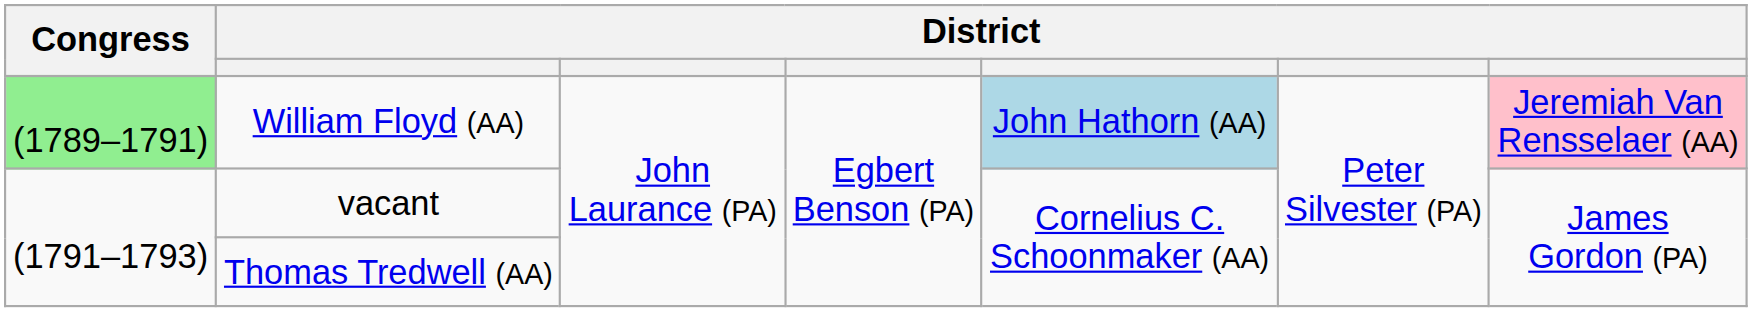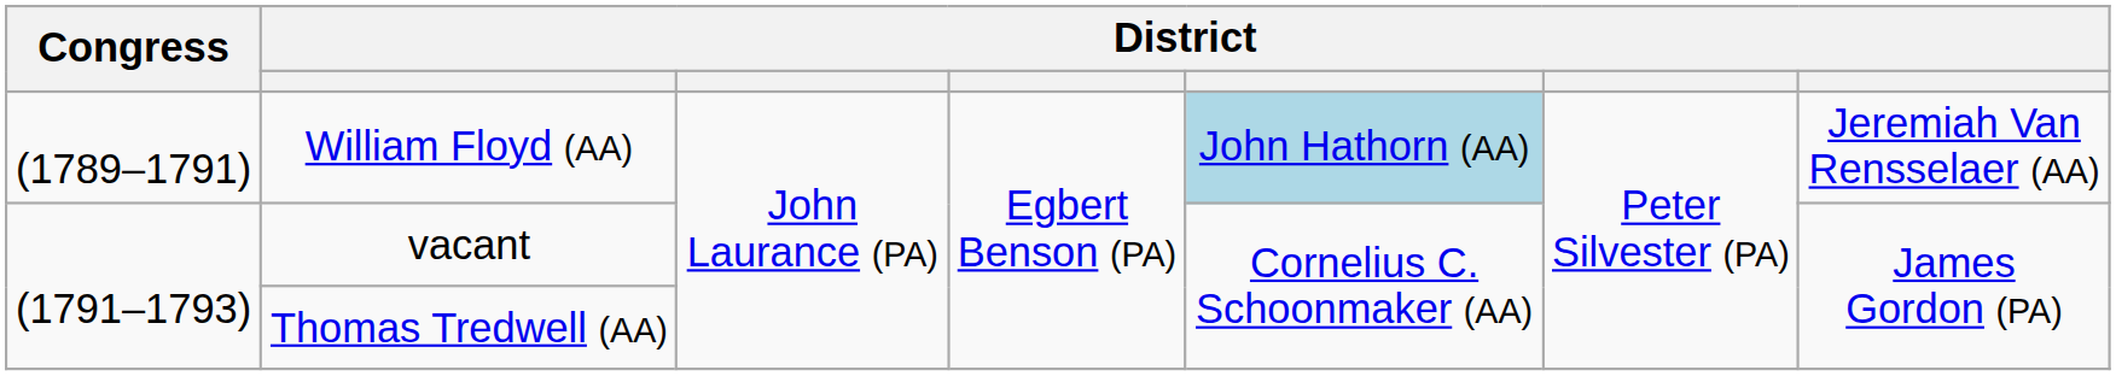 <table class=wikitable style="text-align:center">
 <tr>
 <th rowspan=2>Cong­ress</th>
 <th colspan=6>District</th>
 </tr>
 <tr>
 <th></th>
 <th></th>
 <th></th>
 <th></th>
 <th></th>
 <th></th>
 </tr>
 <tr style="height:2.5em">
-<td style="background: lightgreen;"><strong></strong><br>(1789–1791)</td>
+<td><strong></strong><br>(1789–1791)</td>
 <td><a href='#'>William Floyd</a> <small>(AA)</small></td>
 <td rowspan=3 ><a href='#'>John<br>Laurance</a> <small>(PA)</small></td>
 <td rowspan=3 ><a href='#'>Egbert<br>Benson</a> <small>(PA)</small></td>
 <td style="background: lightblue;"><a href='#'>John Hathorn</a> <small>(AA)</small></td>
 <td rowspan=3 ><a href='#'>Peter<br>Silvester</a> <small>(PA)</small></td>
-<td style="background: pink;"><a href='#'>Jeremiah Van<br>Rensselaer</a> <small>(AA)</small></td>
+<td><a href='#'>Jeremiah Van<br>Rensselaer</a> <small>(AA)</small></td>
 </tr>
 <tr style="height:2em">
 <td rowspan=2><strong></strong><br>(1791–1793)</td>
 <td>vacant</td>
 <td rowspan=2 ><a href='#'>Cornelius C.<br>Schoonmaker</a> <small>(AA)</small></td>
 <td rowspan=2 ><a href='#'>James<br>Gordon</a> <small>(PA)</small></td>
 </tr>
 <tr style="height:2em">
 <td><a href='#'>Thomas Tredwell</a> <small>(AA)</small></td>
 </tr>
 </table>
